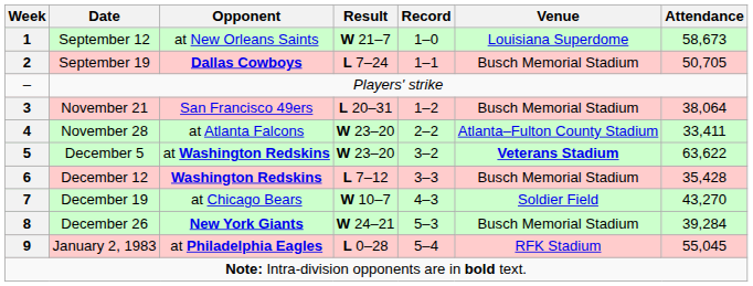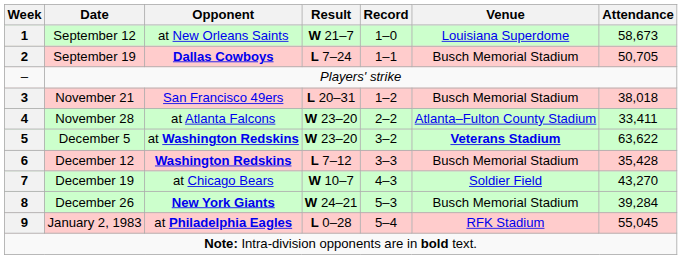 <table class="wikitable" style="text-align:center">
 <tr>
 <th>Week</th>
 <th>Date</th>
 <th>Opponent</th>
 <th>Result</th>
 <th>Record</th>
 <th>Venue</th>
 <th>Attendance</th>
 </tr>
 <tr style="background:#cfc">
 <th>1</th>
 <td>September 12</td>
 <td>at <a href='#'>New Orleans Saints</a></td>
 <td><strong>W</strong> 21–7</td>
 <td>1–0</td>
 <td><a href='#'>Louisiana Superdome</a></td>
 <td>58,673</td>
 </tr>
 <tr style="background:#fcc">
 <th>2</th>
 <td>September 19</td>
 <td><strong><a href='#'>Dallas Cowboys</a></strong></td>
 <td><strong>L</strong> 7–24</td>
 <td>1–1</td>
 <td>Busch Memorial Stadium</td>
 <td>50,705</td>
 </tr>
 <tr>
 <td>–</td>
 <td colspan=6 align="center"><em>Players' strike</em></td>
 </tr>
 <tr style="background:#fcc">
 <th>3</th>
 <td>November 21</td>
 <td><a href='#'>San Francisco 49ers</a></td>
 <td><strong>L</strong> 20–31</td>
 <td>1–2</td>
 <td>Busch Memorial Stadium</td>
-<td>38,064</td>
+<td>38,018</td>
 </tr>
 <tr style="background:#cfc">
 <th>4</th>
 <td>November 28</td>
 <td>at <a href='#'>Atlanta Falcons</a></td>
 <td><strong>W</strong> 23–20</td>
 <td>2–2</td>
 <td><a href='#'>Atlanta–Fulton County Stadium</a></td>
 <td>33,411</td>
 </tr>
 <tr style="background:#cfc">
 <th>5</th>
 <td>December 5</td>
 <td>at <strong><a href='#'>Washington Redskins</a></strong></td>
 <td><strong>W</strong> 23–20</td>
 <td>3–2</td>
 <td><strong><a href='#'>Veterans Stadium</a></strong></td>
 <td>63,622</td>
 </tr>
 <tr style="background:#fcc">
 <th>6</th>
 <td>December 12</td>
 <td><strong><a href='#'>Washington Redskins</a></strong></td>
 <td><strong>L</strong> 7–12</td>
 <td>3–3</td>
 <td>Busch Memorial Stadium</td>
 <td>35,428</td>
 </tr>
 <tr style="background:#cfc">
 <th>7</th>
 <td>December 19</td>
 <td>at <a href='#'>Chicago Bears</a></td>
 <td><strong>W</strong> 10–7</td>
 <td>4–3</td>
 <td><a href='#'>Soldier Field</a></td>
 <td>43,270</td>
 </tr>
 <tr style="background:#cfc">
 <th>8</th>
 <td>December 26</td>
 <td><strong><a href='#'>New York Giants</a></strong></td>
 <td><strong>W</strong> 24–21</td>
 <td>5–3</td>
 <td>Busch Memorial Stadium</td>
 <td>39,284</td>
 </tr>
 <tr style="background:#fcc">
 <th>9</th>
 <td>January 2, 1983</td>
 <td>at <strong><a href='#'>Philadelphia Eagles</a></strong></td>
 <td><strong>L</strong> 0–28</td>
 <td>5–4</td>
 <td><a href='#'>RFK Stadium</a></td>
 <td>55,045</td>
 </tr>
 <tr>
 <td colspan="8"><strong>Note:</strong> Intra-division opponents are in <strong>bold</strong> text.</td>
 </tr>
 </table>
